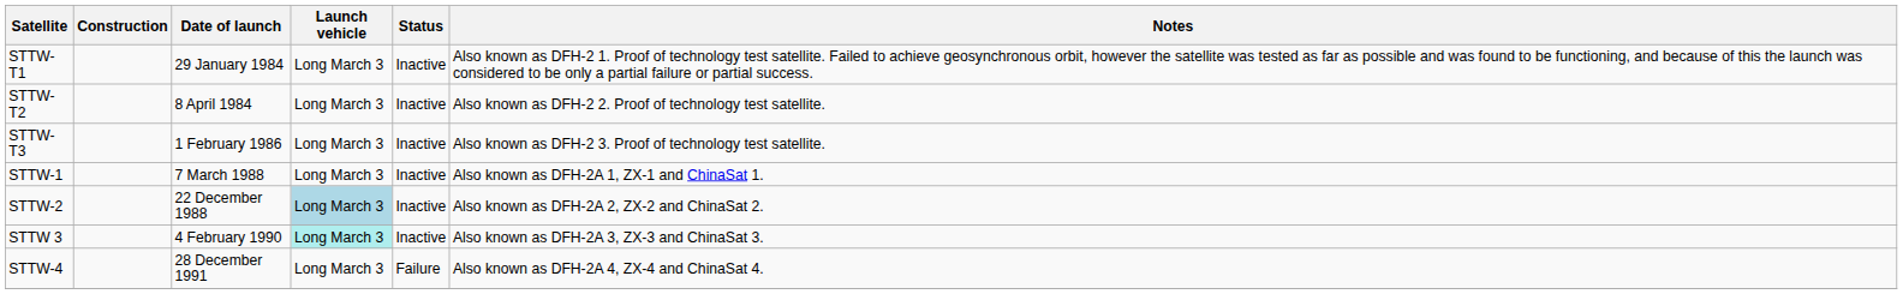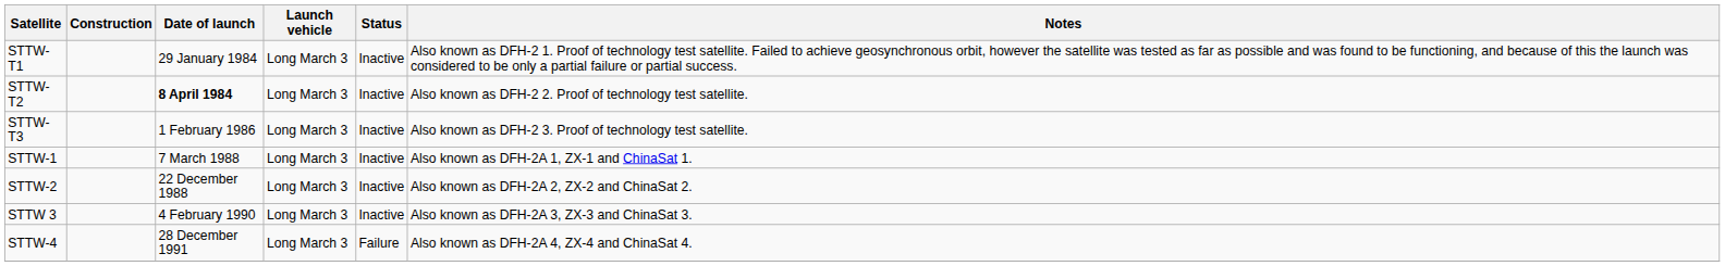 <table class="wikitable" style="font-size: 95%;">
 <tr>
 <th>Satellite</th>
 <th>Construction</th>
 <th>Date of launch</th>
 <th>Launch vehicle</th>
 <th>Status</th>
 <th>Notes</th>
 </tr>
 <tr>
 <td>STTW-T1</td>
 <td></td>
 <td>29 January 1984</td>
 <td>Long March 3</td>
 <td>Inactive</td>
 <td>Also known as DFH-2 1. Proof of technology test satellite. Failed to achieve geosynchronous orbit, however the satellite was tested as far as possible and was found to be functioning, and because of this the launch was considered to be only a partial failure or partial success.</td>
 </tr>
 <tr>
 <td>STTW-T2</td>
 <td></td>
-<td>8 April 1984</td>
+<td><strong>8 April 1984</strong></td>
 <td>Long March 3</td>
 <td>Inactive</td>
 <td>Also known as DFH-2 2. Proof of technology test satellite.</td>
 </tr>
 <tr>
 <td>STTW-T3</td>
 <td></td>
 <td>1 February 1986</td>
 <td>Long March 3</td>
 <td>Inactive</td>
 <td>Also known as DFH-2 3. Proof of technology test satellite.</td>
 </tr>
 <tr>
 <td>STTW-1</td>
 <td></td>
 <td>7 March 1988</td>
 <td>Long March 3</td>
 <td>Inactive</td>
 <td>Also known as DFH-2A 1, ZX-1 and <a href='#'>ChinaSat</a> 1.</td>
 </tr>
 <tr>
 <td>STTW-2</td>
 <td></td>
 <td>22 December 1988</td>
-<td style="background: lightblue;">Long March 3</td>
+<td>Long March 3</td>
 <td>Inactive</td>
 <td>Also known as DFH-2A 2, ZX-2 and ChinaSat 2.</td>
 </tr>
 <tr>
 <td>STTW 3</td>
 <td></td>
 <td>4 February 1990</td>
-<td style="background: paleturquoise;">Long March 3</td>
+<td>Long March 3</td>
 <td>Inactive</td>
 <td>Also known as DFH-2A 3, ZX-3 and ChinaSat 3.</td>
 </tr>
 <tr>
 <td>STTW-4</td>
 <td></td>
 <td>28 December 1991</td>
 <td>Long March 3</td>
 <td>Failure</td>
 <td>Also known as DFH-2A 4, ZX-4 and ChinaSat 4.</td>
 </tr>
 <tr>
 </tr>
 </table>
